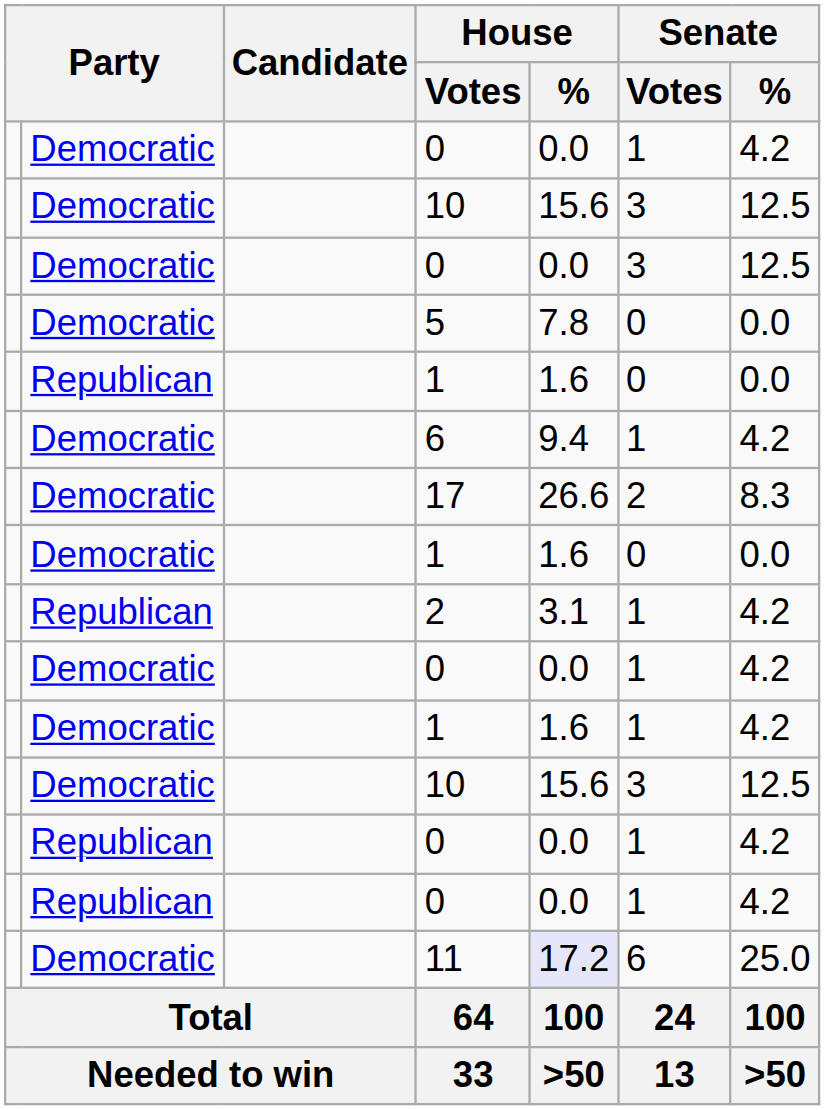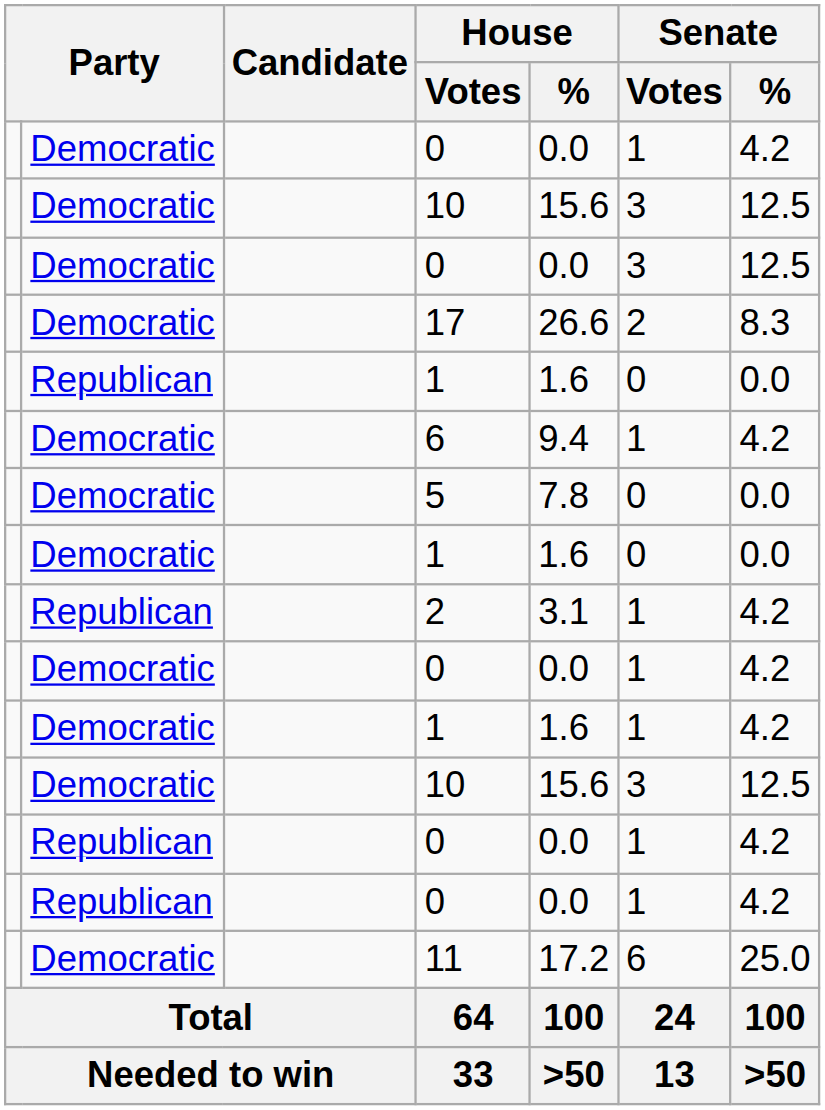 <table class="wikitable sortable">
 <tr>
 <th colspan="2" rowspan="2">Party</th>
 <th rowspan="2">Candidate</th>
 <th colspan="2">House</th>
 <th colspan="2">Senate</th>
 </tr>
 <tr>
 <th>Votes</th>
 <th>%</th>
 <th>Votes</th>
 <th>%</th>
 </tr>
 <tr>
 <td style="background-color:"></td>
 <td><a href='#'>Democratic</a></td>
 <td></td>
 <td>0</td>
 <td>0.0</td>
 <td>1</td>
 <td>4.2</td>
 </tr>
 <tr>
 <td style="background-color:"></td>
 <td><a href='#'>Democratic</a></td>
 <td></td>
 <td>10</td>
 <td>15.6</td>
 <td>3</td>
 <td>12.5</td>
 </tr>
 <tr>
 <td style="background-color:"></td>
 <td><a href='#'>Democratic</a></td>
 <td></td>
 <td>0</td>
 <td>0.0</td>
 <td>3</td>
 <td>12.5</td>
 </tr>
 <tr>
 <td style="background-color:"></td>
 <td><a href='#'>Democratic</a></td>
 <td></td>
-<td>5</td>
-<td>7.8</td>
-<td>0</td>
-<td>0.0</td>
+<td>17</td>
+<td>26.6</td>
+<td>2</td>
+<td>8.3</td>
 </tr>
 <tr>
 <td style="background-color:"></td>
 <td><a href='#'>Republican</a></td>
 <td></td>
 <td>1</td>
 <td>1.6</td>
 <td>0</td>
 <td>0.0</td>
 </tr>
 <tr>
 <td style="background-color:"></td>
 <td><a href='#'>Democratic</a></td>
 <td></td>
 <td>6</td>
 <td>9.4</td>
 <td>1</td>
 <td>4.2</td>
 </tr>
 <tr>
 <td style="background-color:"></td>
 <td><a href='#'>Democratic</a></td>
 <td></td>
-<td>17</td>
-<td>26.6</td>
-<td>2</td>
-<td>8.3</td>
+<td>5</td>
+<td>7.8</td>
+<td>0</td>
+<td>0.0</td>
 </tr>
 <tr>
 <td style="background-color:"></td>
 <td><a href='#'>Democratic</a></td>
 <td></td>
 <td>1</td>
 <td>1.6</td>
 <td>0</td>
 <td>0.0</td>
 </tr>
 <tr>
 <td style="background-color:"></td>
 <td><a href='#'>Republican</a></td>
 <td></td>
 <td>2</td>
 <td>3.1</td>
 <td>1</td>
 <td>4.2</td>
 </tr>
 <tr>
 <td style="background-color:"></td>
 <td><a href='#'>Democratic</a></td>
 <td></td>
 <td>0</td>
 <td>0.0</td>
 <td>1</td>
 <td>4.2</td>
 </tr>
 <tr>
 <td style="background-color:"></td>
 <td><a href='#'>Democratic</a></td>
 <td></td>
 <td>1</td>
 <td>1.6</td>
 <td>1</td>
 <td>4.2</td>
 </tr>
 <tr>
 <td style="background-color:"></td>
 <td><a href='#'>Democratic</a></td>
 <td></td>
 <td>10</td>
 <td>15.6</td>
 <td>3</td>
 <td>12.5</td>
 </tr>
 <tr>
 <td style="background-color:"></td>
 <td><a href='#'>Republican</a></td>
 <td></td>
 <td>0</td>
 <td>0.0</td>
 <td>1</td>
 <td>4.2</td>
 </tr>
 <tr>
 <td style="background-color:"></td>
 <td><a href='#'>Republican</a></td>
 <td></td>
 <td>0</td>
 <td>0.0</td>
 <td>1</td>
 <td>4.2</td>
 </tr>
 <tr>
 <td style="background-color:"></td>
 <td><a href='#'>Democratic</a></td>
 <td></td>
 <td>11</td>
-<td style="background: lavender;">17.2</td>
+<td>17.2</td>
 <td>6</td>
 <td>25.0</td>
 </tr>
 <tr>
 <th colspan="3">Total</th>
 <th>64</th>
 <th>100</th>
 <th>24</th>
 <th>100</th>
 </tr>
 <tr>
 <th colspan="3">Needed to win</th>
 <th>33</th>
 <th>>50</th>
 <th>13</th>
 <th>>50</th>
 </tr>
 </table>
